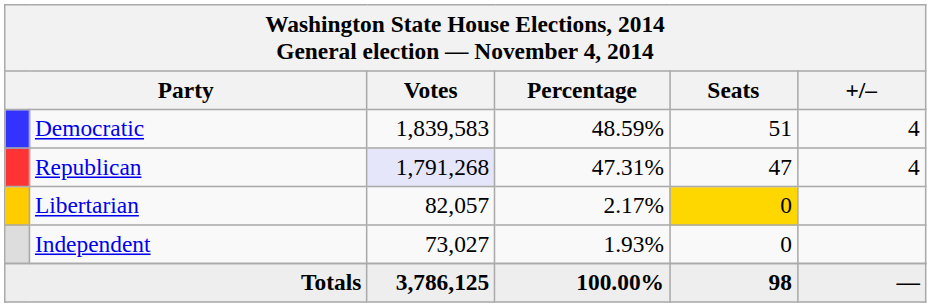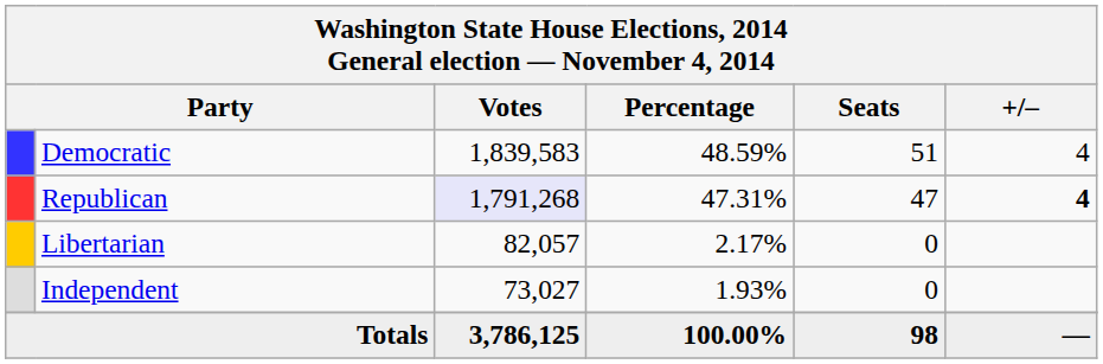 <table class="wikitable" style="font-size: 95%;">
 <tr>
 <th colspan="6">Washington State House Elections, 2014<br>General election — November 4, 2014</th>
 </tr>
 <tr>
 <th colspan="2" style="width: 15em">Party</th>
 <th style="width: 5em">Votes</th>
 <th style="width: 7em">Percentage</th>
 <th style="width: 5em">Seats</th>
 <th style="width: 5em">+/–</th>
 </tr>
 <tr>
 <th style="background-color:#3333FF; width: 3px"></th>
 <td style="width: 130px"><a href='#'>Democratic</a></td>
 <td align="right">1,839,583</td>
 <td align="right">48.59%</td>
 <td align="right">51</td>
 <td align="right"> 4</td>
 </tr>
 <tr>
 <th style="background-color:#FF3333; width: 3px"></th>
 <td style="width: 130px"><a href='#'>Republican</a></td>
 <td align="right" style="background: lavender;">1,791,268</td>
 <td align="right">47.31%</td>
 <td align="right">47</td>
-<td align="right"> 4</td>
+<td align="right"><strong> 4</strong></td>
 </tr>
 <tr>
 <th style="background-color:#FC0; width: 3px"></th>
 <td style="width: 130px"><a href='#'>Libertarian</a></td>
 <td align="right">82,057</td>
 <td align="right">2.17%</td>
-<td align="right" style="background: gold;">0</td>
+<td align="right">0</td>
 <td align="right"></td>
 </tr>
 <tr>
 <th style="background-color:#DDDDDD; width: 3px"></th>
 <td style="width: 130px"><a href='#'>Independent</a></td>
 <td align="right">73,027</td>
 <td align="right">1.93%</td>
 <td align="right">0</td>
 <td align="right"></td>
 </tr>
 <tr>
 </tr>
 <tr bgcolor="#EEEEEE">
 <td colspan="2" align="right"><strong>Totals</strong></td>
 <td align="right"><strong>3,786,125</strong></td>
 <td align="right"><strong>100.00%</strong></td>
 <td align="right"><strong>98</strong></td>
 <td align="right"><strong>—</strong></td>
 </tr>
 </table>
